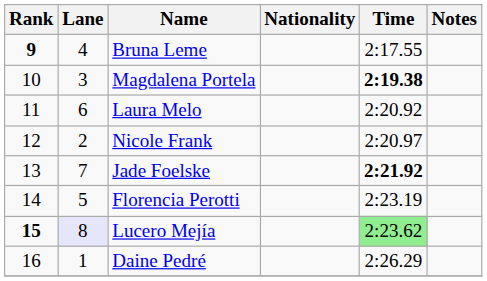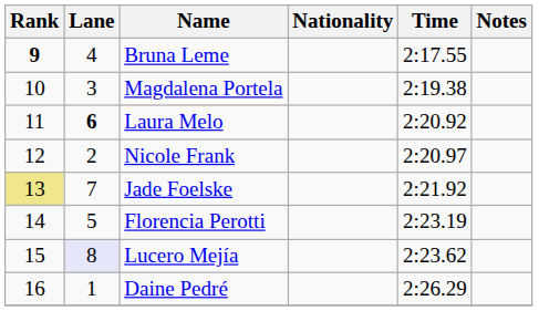 <table class="wikitable sortable" style="text-align:center">
 <tr>
 <th>Rank</th>
 <th>Lane</th>
 <th>Name</th>
 <th>Nationality</th>
 <th>Time</th>
 <th>Notes</th>
 </tr>
 <tr>
 <td><strong>9</strong></td>
 <td>4</td>
 <td align="left"><a href='#'>Bruna Leme</a></td>
 <td align="left"></td>
 <td>2:17.55</td>
 <td></td>
 </tr>
 <tr>
 <td>10</td>
 <td>3</td>
 <td align="left"><a href='#'>Magdalena Portela</a></td>
 <td align="left"></td>
-<td><strong>2:19.38</strong></td>
+<td>2:19.38</td>
 <td></td>
 </tr>
 <tr>
 <td>11</td>
-<td>6</td>
+<td><strong>6</strong></td>
 <td align="left"><a href='#'>Laura Melo</a></td>
 <td align="left"></td>
 <td>2:20.92</td>
 <td></td>
 </tr>
 <tr>
 <td>12</td>
 <td>2</td>
 <td align="left"><a href='#'>Nicole Frank</a></td>
 <td align="left"></td>
 <td>2:20.97</td>
 <td></td>
 </tr>
 <tr>
-<td>13</td>
+<td style="background: khaki;">13</td>
 <td>7</td>
 <td align="left"><a href='#'>Jade Foelske</a></td>
 <td align="left"></td>
-<td><strong>2:21.92</strong></td>
+<td>2:21.92</td>
 <td></td>
 </tr>
 <tr>
 <td>14</td>
 <td>5</td>
 <td align="left"><a href='#'>Florencia Perotti</a></td>
 <td align="left"></td>
 <td>2:23.19</td>
 <td></td>
 </tr>
 <tr>
-<td><strong>15</strong></td>
+<td>15</td>
 <td style="background: lavender;">8</td>
 <td align="left"><a href='#'>Lucero Mejía</a></td>
 <td align="left"></td>
-<td style="background: lightgreen;">2:23.62</td>
+<td>2:23.62</td>
 <td></td>
 </tr>
 <tr>
 <td>16</td>
 <td>1</td>
 <td align="left"><a href='#'>Daine Pedré</a></td>
 <td align="left"></td>
 <td>2:26.29</td>
 <td></td>
 </tr>
 <tr>
 </tr>
 </table>
